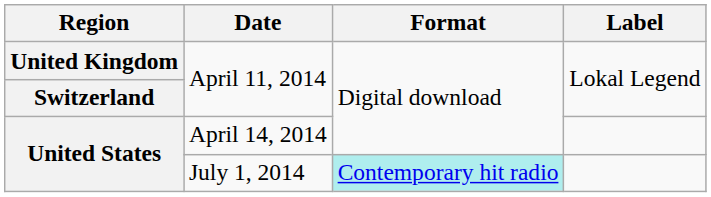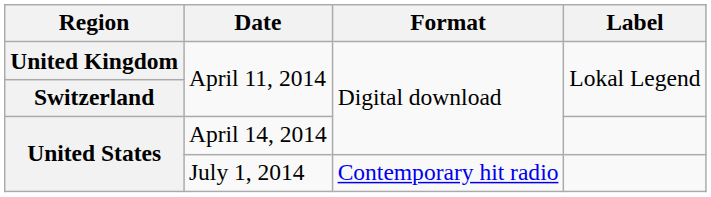 <table class="wikitable plainrowheaders">
 <tr>
 <th scope="col">Region</th>
 <th scope="col">Date</th>
 <th scope="col">Format</th>
 <th scope="col">Label</th>
 </tr>
 <tr>
 <th scope="row">United Kingdom</th>
 <td rowspan="2">April 11, 2014</td>
 <td rowspan="3">Digital download</td>
 <td rowspan="2">Lokal Legend</td>
 </tr>
 <tr>
 <th scope="row">Switzerland</th>
 </tr>
 <tr>
 <th scope="row" rowspan="2">United States</th>
 <td>April 14, 2014</td>
 <td></td>
 </tr>
 <tr>
 <td>July 1, 2014</td>
-<td style="background: paleturquoise;"><a href='#'>Contemporary hit radio</a></td>
+<td><a href='#'>Contemporary hit radio</a></td>
 <td></td>
 </tr>
 </table>
